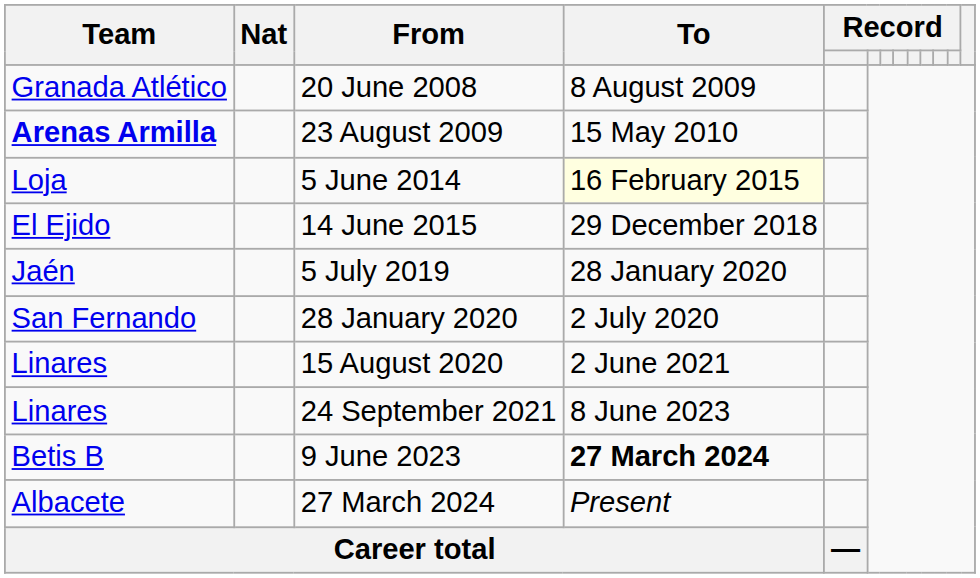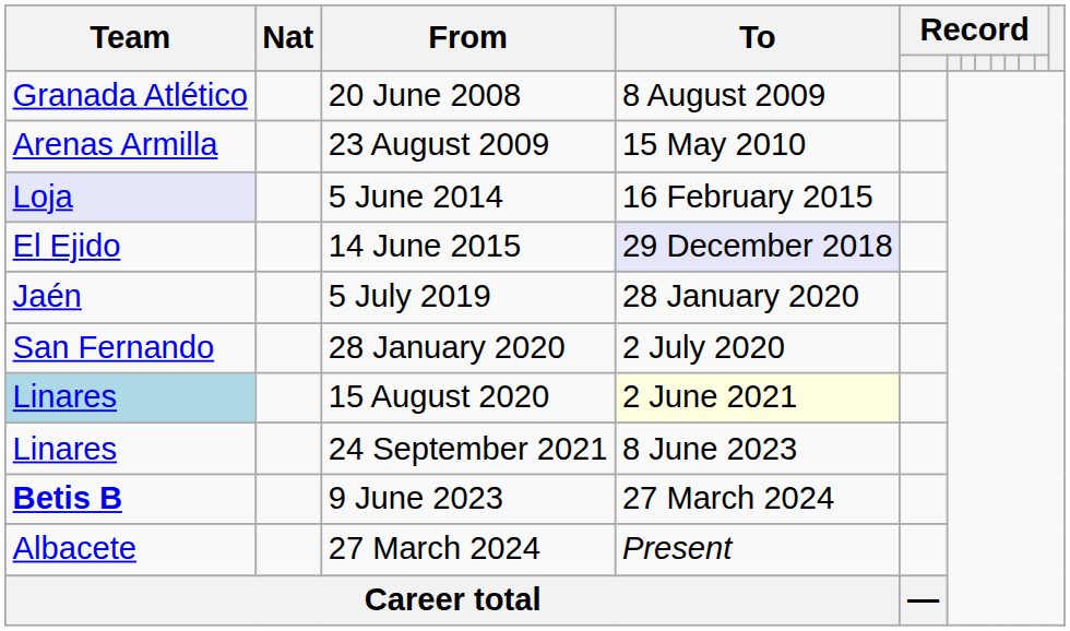 <table class="wikitable" style="text-align: center">
 <tr>
 <th rowspan="2">Team</th>
 <th rowspan="2">Nat</th>
 <th rowspan="2">From</th>
 <th rowspan="2">To</th>
 <th colspan="8">Record</th>
 <th rowspan=2></th>
 </tr>
 <tr>
 <th></th>
 <th></th>
 <th></th>
 <th></th>
 <th></th>
 <th></th>
 <th></th>
 <th></th>
 </tr>
 <tr>
 <td align="left"><a href='#'>Granada Atlético</a></td>
 <td></td>
 <td align=left>20 June 2008</td>
 <td align=left>8 August 2009<br></td>
 <td></td>
 </tr>
 <tr>
-<td align="left"><strong><a href='#'>Arenas Armilla</a></strong></td>
+<td align="left"><a href='#'>Arenas Armilla</a></td>
 <td></td>
 <td align=left>23 August 2009</td>
 <td align=left>15 May 2010<br></td>
 <td></td>
 </tr>
 <tr>
-<td align="left"><a href='#'>Loja</a></td>
+<td align="left" style="background: lavender;"><a href='#'>Loja</a></td>
 <td></td>
 <td align=left>5 June 2014</td>
-<td align=left style="background: lightyellow;">16 February 2015<br></td>
+<td align=left>16 February 2015<br></td>
 <td></td>
 </tr>
 <tr>
 <td align="left"><a href='#'>El Ejido</a></td>
 <td></td>
 <td align=left>14 June 2015</td>
-<td align=left>29 December 2018<br></td>
+<td align=left style="background: lavender;">29 December 2018<br></td>
 <td></td>
 </tr>
 <tr>
 <td align="left"><a href='#'>Jaén</a></td>
 <td></td>
 <td align=left>5 July 2019</td>
 <td align=left>28 January 2020<br></td>
 <td></td>
 </tr>
 <tr>
 <td align="left"><a href='#'>San Fernando</a></td>
 <td></td>
 <td align=left>28 January 2020</td>
 <td align=left>2 July 2020<br></td>
 <td></td>
 </tr>
 <tr>
-<td align="left"><a href='#'>Linares</a></td>
+<td align="left" style="background: lightblue;"><a href='#'>Linares</a></td>
 <td></td>
 <td align=left>15 August 2020</td>
-<td align=left>2 June 2021<br></td>
+<td align=left style="background: lightyellow;">2 June 2021<br></td>
 <td></td>
 </tr>
 <tr>
 <td align="left"><a href='#'>Linares</a></td>
 <td></td>
 <td align=left>24 September 2021</td>
 <td align=left>8 June 2023<br></td>
 <td></td>
 </tr>
 <tr>
-<td align="left"><a href='#'>Betis B</a></td>
+<td align="left"><strong><a href='#'>Betis B</a></strong></td>
 <td></td>
 <td align=left>9 June 2023</td>
-<td align=left><strong>27 March 2024<br></strong></td>
+<td align=left>27 March 2024<br></td>
 <td></td>
 </tr>
 <tr>
 <td align="left"><a href='#'>Albacete</a></td>
 <td></td>
 <td align=left>27 March 2024</td>
 <td align=left><em>Present</em><br></td>
 <td></td>
 </tr>
 <tr>
 <th colspan=4>Career total<br></th>
 <th>—</th>
 </tr>
 </table>
